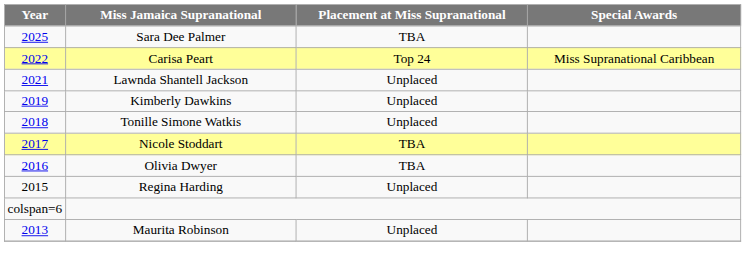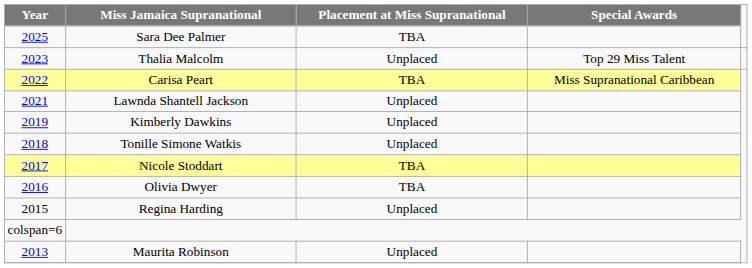 <table class="wikitable" style="font-size: 92%; text-align:center">
 <tr>
 <th width="60" style="background-color:#787878;color:#FFFFFF;">Year</th>
 <th width="250" style="background-color:#787878;color:#FFFFFF;">Miss Jamaica Supranational</th>
 <th width="250" style="background-color:#787878;color:#FFFFFF;">Placement at Miss Supranational</th>
 <th width="230" style="background-color:#787878;color:#FFFFFF;">Special Awards</th>
 </tr>
 <tr>
 <td><a href='#'>2025</a></td>
 <td>Sara Dee Palmer</td>
 <td>TBA</td>
 <td></td>
 </tr>
+<tr>
+<td><a href='#'>2023</a></td>
+<td>Thalia Malcolm</td>
+<td>Unplaced</td>
+<td>Top 29 Miss Talent</td>
+<td></td>
+</tr>
 <tr style="background-color:#FFFF99">
 <td><a href='#'>2022</a></td>
 <td>Carisa Peart</td>
-<td>Top 24</td>
+<td>TBA</td>
 <td>Miss Supranational Caribbean</td>
 </tr>
 <tr>
 <td><a href='#'>2021</a></td>
 <td>Lawnda Shantell Jackson</td>
 <td>Unplaced</td>
 <td></td>
 </tr>
 <tr>
 <td><a href='#'>2019</a></td>
 <td>Kimberly Dawkins</td>
 <td>Unplaced</td>
 <td></td>
 </tr>
 <tr>
 <td><a href='#'>2018</a></td>
 <td>Tonille Simone Watkis</td>
 <td>Unplaced</td>
 <td></td>
 </tr>
 <tr style="background-color:#FFFF99">
 <td><a href='#'>2017</a></td>
 <td>Nicole Stoddart</td>
 <td>TBA</td>
 <td></td>
 </tr>
 <tr>
 <td><a href='#'>2016</a></td>
 <td>Olivia Dwyer</td>
 <td>TBA</td>
 <td></td>
 </tr>
 <tr>
 <td>2015</td>
 <td>Regina Harding</td>
 <td>Unplaced</td>
 <td></td>
 </tr>
 <tr>
 <td>colspan=6 </td>
 </tr>
 <tr>
 <td><a href='#'>2013</a></td>
 <td>Maurita Robinson</td>
 <td>Unplaced</td>
 <td></td>
 </tr>
 <tr>
 </tr>
 </table>
